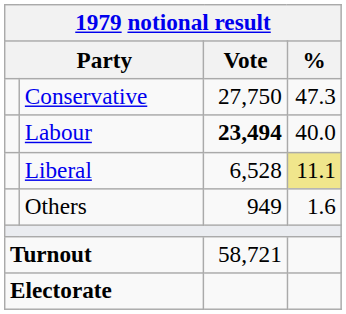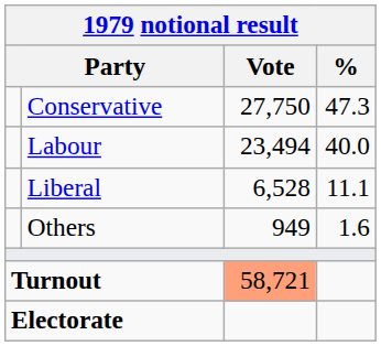 <table class="wikitable">
 <tr>
 <th colspan="4"><a href='#'>1979</a> <a href='#'>notional result</a></th>
 </tr>
 <tr>
 <th bgcolor="#DDDDFF" width="130px" colspan="2">Party</th>
 <th bgcolor="#DDDDFF" width="50px">Vote</th>
 <th bgcolor="#DDDDFF" width="30px">%</th>
 </tr>
 <tr>
 <td></td>
 <td><a href='#'>Conservative</a></td>
 <td align=right>27,750</td>
 <td align=right>47.3</td>
 </tr>
 <tr>
 <td></td>
 <td><a href='#'>Labour</a></td>
-<td align=right><strong>23,494</strong></td>
+<td align=right>23,494</td>
 <td align=right>40.0</td>
 </tr>
 <tr>
 <td></td>
 <td><a href='#'>Liberal</a></td>
 <td align=right>6,528</td>
-<td align=right style="background: khaki;">11.1</td>
+<td align=right>11.1</td>
 </tr>
 <tr>
 <td></td>
 <td>Others</td>
 <td align=right>949</td>
 <td align=right>1.6</td>
 </tr>
 <tr>
 <td colspan="4" bgcolor="#EAECF0"></td>
 </tr>
 <tr>
 <td colspan="2"><strong>Turnout</strong></td>
-<td align=right>58,721</td>
+<td align=right style="background: lightsalmon;">58,721</td>
 <td align=right></td>
 </tr>
 <tr>
 <td colspan="2"><strong>Electorate</strong></td>
 <td align=right></td>
 </tr>
 </table>
